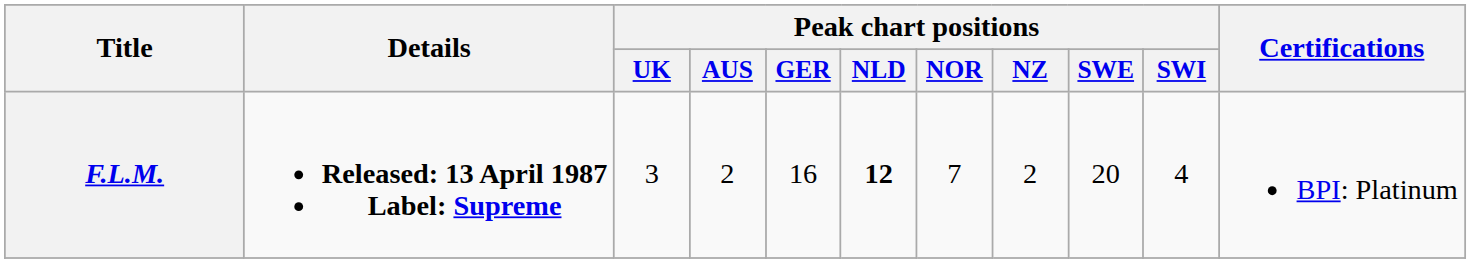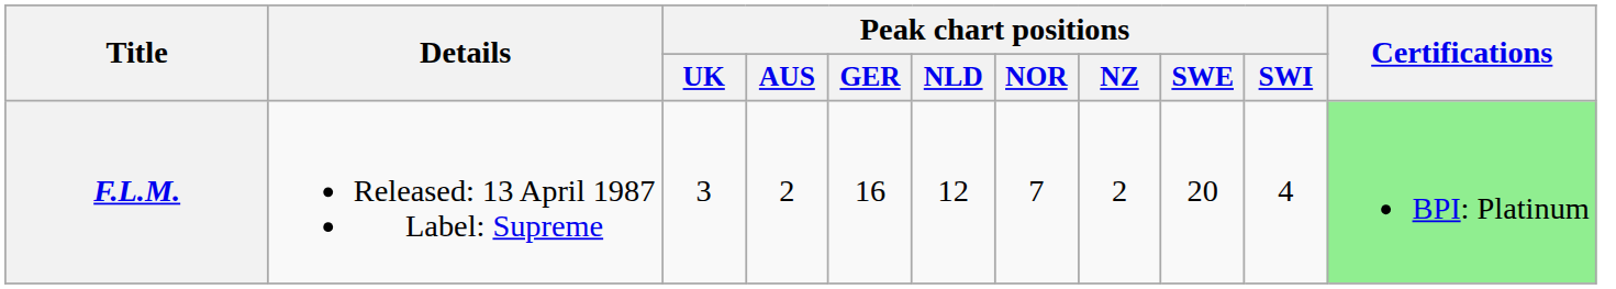 <table class="wikitable plainrowheaders" style="text-align:center;">
 <tr>
 <th scope="col" rowspan="2" style="width:8em;">Title</th>
 <th scope="col" rowspan="2">Details</th>
 <th scope="col" colspan="8">Peak chart positions</th>
 <th scope="col" rowspan="2"><a href='#'>Certifications</a></th>
 </tr>
 <tr>
 <th scope="col" style="width:2.5em;font-size:90%;"><a href='#'>UK</a><br></th>
 <th scope="col" style="width:2.5em;font-size:90%;"><a href='#'>AUS</a><br></th>
 <th scope="col" style="width:2.5em;font-size:90%;"><a href='#'>GER</a><br></th>
 <th scope="col" style="width:2.5em;font-size:90%;"><a href='#'>NLD</a><br></th>
 <th scope="col" style="width:2.5em;font-size:90%;"><a href='#'>NOR</a><br></th>
 <th scope="col" style="width:2.5em;font-size:90%;"><a href='#'>NZ</a><br></th>
 <th scope="col" style="width:2.5em;font-size:90%;"><a href='#'>SWE</a><br></th>
 <th scope="col" style="width:2.5em;font-size:90%;"><a href='#'>SWI</a><br></th>
 </tr>
 <tr>
 <th scope="row"><em><a href='#'>F.L.M.</a></em></th>
-<td><strong><br><ul><li>Released: 13 April 1987</li><li>Label: <a href='#'>Supreme</a></li></ul></strong></td>
+<td><br><ul><li>Released: 13 April 1987</li><li>Label: <a href='#'>Supreme</a></li></ul></td>
 <td>3</td>
 <td>2</td>
 <td>16</td>
-<td><strong>12</strong></td>
+<td>12</td>
 <td>7</td>
 <td>2</td>
 <td>20</td>
 <td>4</td>
-<td><br><ul><li><a href='#'>BPI</a>: Platinum</li></ul></td>
+<td style="background: lightgreen;"><br><ul><li><a href='#'>BPI</a>: Platinum</li></ul></td>
 </tr>
 </table>
